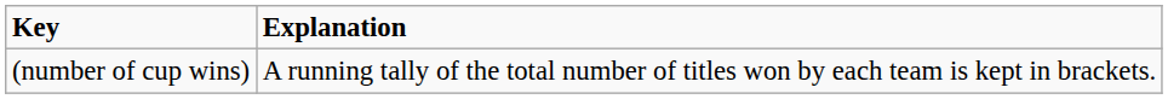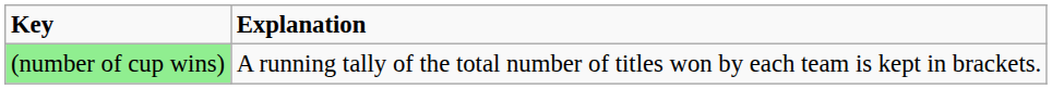 <table class="wikitable">
 <tr>
 <td><strong>Key</strong></td>
 <td><strong>Explanation</strong></td>
 </tr>
 <tr>
-<td align="center">(number of cup wins)</td>
+<td align="center" style="background: lightgreen;">(number of cup wins)</td>
 <td>A running tally of the total number of titles won by each team is kept in brackets.</td>
 </tr>
 </table>
